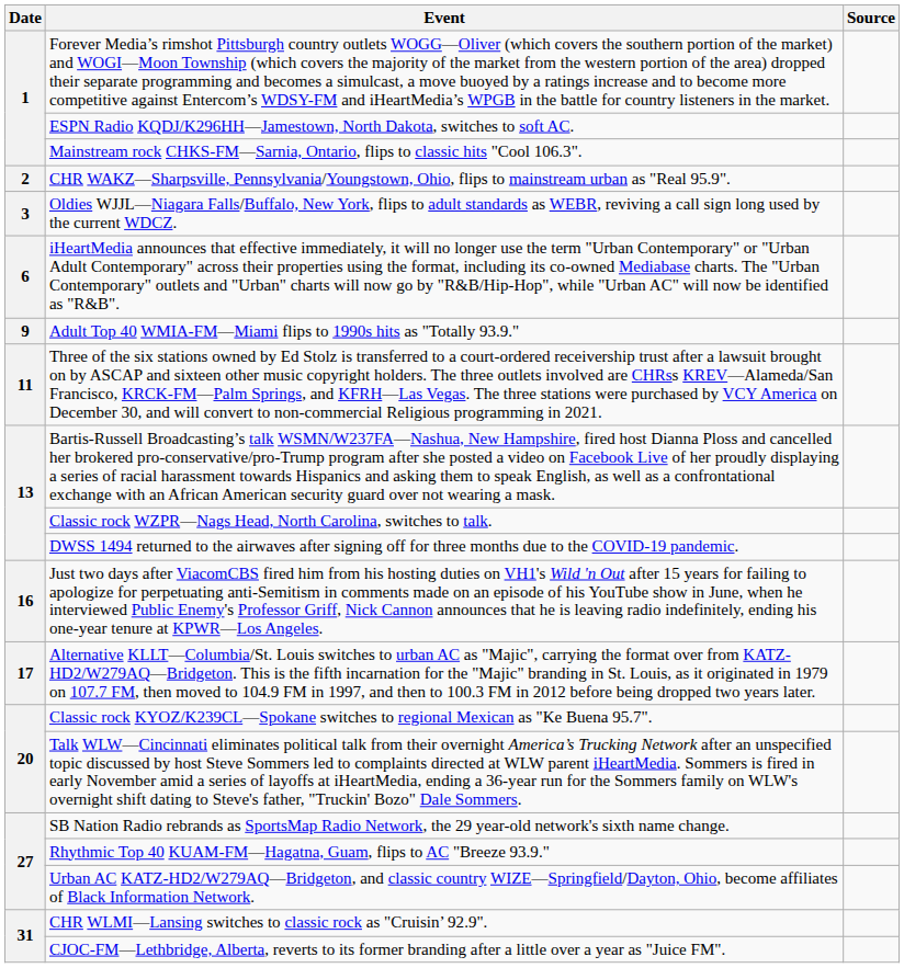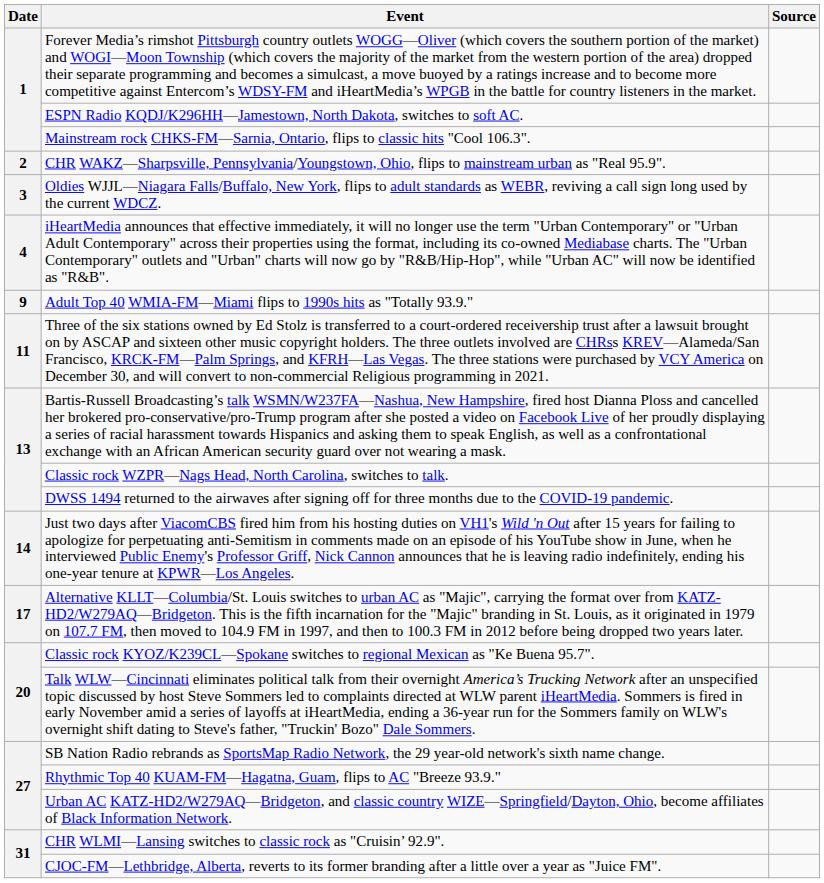 <table class="wikitable">
 <tr>
 <th>Date</th>
 <th>Event</th>
 <th>Source</th>
 </tr>
 <tr>
 <th rowspan=3>1</th>
 <td>Forever Media’s rimshot <a href='#'>Pittsburgh</a> country outlets <a href='#'>WOGG</a>—<a href='#'>Oliver</a> (which covers the southern portion of the market) and <a href='#'>WOGI</a>—<a href='#'>Moon Township</a> (which covers the majority of the market from the western portion of the area) dropped their separate programming and becomes a simulcast, a move buoyed by a ratings increase and to become more competitive against Entercom’s <a href='#'>WDSY-FM</a> and iHeartMedia’s <a href='#'>WPGB</a> in the battle for country listeners in the market.</td>
 <td></td>
 </tr>
 <tr>
 <td><a href='#'>ESPN Radio</a> <a href='#'>KQDJ/K296HH</a>—<a href='#'>Jamestown, North Dakota</a>, switches to <a href='#'>soft AC</a>.</td>
 <td></td>
 </tr>
 <tr>
 <td><a href='#'>Mainstream rock</a> <a href='#'>CHKS-FM</a>—<a href='#'>Sarnia, Ontario</a>, flips to <a href='#'>classic hits</a> "Cool 106.3".</td>
 <td></td>
 </tr>
 <tr>
 <th>2</th>
 <td><a href='#'>CHR</a> <a href='#'>WAKZ</a>—<a href='#'>Sharpsville, Pennsylvania</a>/<a href='#'>Youngstown, Ohio</a>, flips to <a href='#'>mainstream urban</a> as "Real 95.9".</td>
 <td></td>
 </tr>
 <tr>
 <th>3</th>
 <td><a href='#'>Oldies</a> WJJL—<a href='#'>Niagara Falls</a>/<a href='#'>Buffalo, New York</a>, flips to <a href='#'>adult standards</a> as <a href='#'>WEBR</a>, reviving a call sign long used by the current <a href='#'>WDCZ</a>.</td>
 <td></td>
 </tr>
 <tr>
-<th>6</th>
+<th>4</th>
 <td><a href='#'>iHeartMedia</a> announces that effective immediately, it will no longer use the term "Urban Contemporary" or "Urban Adult Contemporary" across their properties using the format, including its co-owned <a href='#'>Mediabase</a> charts. The "Urban Contemporary" outlets and "Urban" charts will now go by "R&B/Hip-Hop", while "Urban AC" will now be identified as "R&B".</td>
 <td></td>
 </tr>
 <tr>
 <th>9</th>
 <td><a href='#'>Adult Top 40</a> <a href='#'>WMIA-FM</a>—<a href='#'>Miami</a> flips to <a href='#'>1990s hits</a> as "Totally 93.9."</td>
 <td></td>
 </tr>
 <tr>
 <th>11</th>
 <td>Three of the six stations owned by Ed Stolz is transferred to a court-ordered receivership trust after a lawsuit brought on by ASCAP and sixteen other music copyright holders. The three outlets involved are <a href='#'>CHRs</a>s <a href='#'>KREV</a>—Alameda/San Francisco, <a href='#'>KRCK-FM</a>—<a href='#'>Palm Springs</a>, and <a href='#'>KFRH</a>—<a href='#'>Las Vegas</a>. The three stations were purchased by <a href='#'>VCY America</a> on December 30, and will convert to non-commercial Religious programming in 2021.</td>
 <td></td>
 </tr>
 <tr>
 <th rowspan=3>13</th>
 <td>Bartis-Russell Broadcasting’s <a href='#'>talk</a> <a href='#'>WSMN/W237FA</a>—<a href='#'>Nashua, New Hampshire</a>, fired host Dianna Ploss and cancelled her brokered pro-conservative/pro-Trump program after she posted a video on <a href='#'>Facebook Live</a> of her proudly displaying a series of racial harassment towards Hispanics and asking them to speak English, as well as a confrontational exchange with an African American security guard over not wearing a mask.</td>
 <td></td>
 </tr>
 <tr>
 <td><a href='#'>Classic rock</a> <a href='#'>WZPR</a>—<a href='#'>Nags Head, North Carolina</a>, switches to <a href='#'>talk</a>.</td>
 <td></td>
 </tr>
 <tr>
 <td><a href='#'>DWSS 1494</a> returned to the airwaves after signing off for three months due to the <a href='#'>COVID-19 pandemic</a>.</td>
 <td></td>
 </tr>
 <tr>
-<th>16</th>
+<th>14</th>
 <td>Just two days after <a href='#'>ViacomCBS</a> fired him from his hosting duties on <a href='#'>VH1</a>'s <em><a href='#'>Wild 'n Out</a></em> after 15 years for failing to apologize for perpetuating anti-Semitism in comments made on an episode of his YouTube show in June, when he interviewed <a href='#'>Public Enemy</a>'s <a href='#'>Professor Griff</a>, <a href='#'>Nick Cannon</a> announces that he is leaving radio indefinitely, ending his one-year tenure at <a href='#'>KPWR</a>—<a href='#'>Los Angeles</a>.</td>
 <td></td>
 </tr>
 <tr>
 <th>17</th>
 <td><a href='#'>Alternative</a> <a href='#'>KLLT</a>—<a href='#'>Columbia</a>/St. Louis switches to <a href='#'>urban AC</a> as "Majic", carrying the format over from <a href='#'>KATZ-HD2/W279AQ</a>—<a href='#'>Bridgeton</a>. This is the fifth incarnation for the "Majic" branding in St. Louis, as it originated in 1979 on <a href='#'>107.7 FM</a>, then moved to 104.9 FM in 1997, and then to 100.3 FM in 2012 before being dropped two years later.</td>
 <td></td>
 </tr>
 <tr>
 <th rowspan=2>20</th>
 <td><a href='#'>Classic rock</a> <a href='#'>KYOZ/K239CL</a>—<a href='#'>Spokane</a> switches to <a href='#'>regional Mexican</a> as "Ke Buena 95.7".</td>
 <td></td>
 </tr>
 <tr>
 <td><a href='#'>Talk</a> <a href='#'>WLW</a>—<a href='#'>Cincinnati</a> eliminates political talk from their overnight <em>America’s Trucking Network</em> after an unspecified topic discussed by host Steve Sommers led to complaints directed at WLW parent <a href='#'>iHeartMedia</a>. Sommers is fired in early November amid a series of layoffs at iHeartMedia, ending a 36-year run for the Sommers family on WLW's overnight shift dating to Steve's father, "Truckin' Bozo" <a href='#'>Dale Sommers</a>.</td>
 <td></td>
 </tr>
 <tr>
 <th rowspan="3">27</th>
 <td>SB Nation Radio rebrands as <a href='#'>SportsMap Radio Network</a>, the 29 year-old network's sixth name change.</td>
 <td></td>
 </tr>
 <tr>
 <td><a href='#'>Rhythmic Top 40</a> <a href='#'>KUAM-FM</a>—<a href='#'>Hagatna, Guam</a>, flips to <a href='#'>AC</a> "Breeze 93.9."</td>
 <td></td>
 </tr>
 <tr>
 <td><a href='#'>Urban AC</a> <a href='#'>KATZ-HD2/W279AQ</a>—<a href='#'>Bridgeton</a>, and <a href='#'>classic country</a> <a href='#'>WIZE</a>—<a href='#'>Springfield</a>/<a href='#'>Dayton, Ohio</a>, become affiliates of <a href='#'>Black Information Network</a>.</td>
 <td></td>
 </tr>
 <tr>
 <th rowspan="2">31</th>
 <td><a href='#'>CHR</a> <a href='#'>WLMI</a>—<a href='#'>Lansing</a> switches to <a href='#'>classic rock</a> as "Cruisin’ 92.9".</td>
 <td></td>
 </tr>
 <tr>
 <td><a href='#'>CJOC-FM</a>—<a href='#'>Lethbridge, Alberta</a>, reverts to its former branding after a little over a year as "Juice FM".</td>
 <td></td>
 </tr>
 </table>
